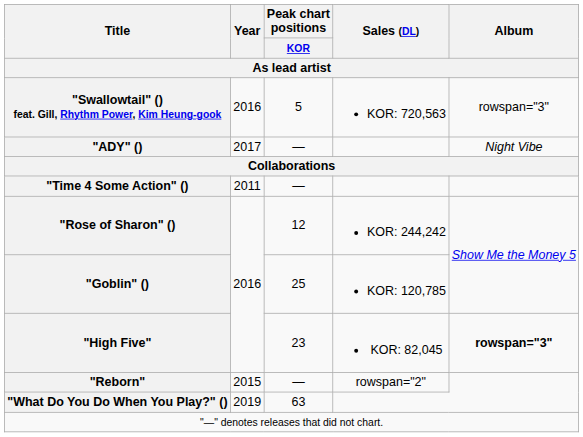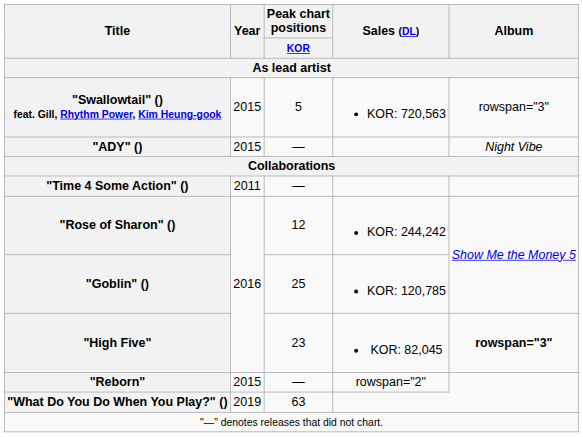 <table class="wikitable plainrowheaders" style="text-align:center;">
 <tr>
 <th scope="col" rowspan="2">Title</th>
 <th scope="col" rowspan="2">Year</th>
 <th scope="col" colspan="1">Peak chart <br> positions</th>
 <th scope="col" rowspan="2">Sales <small>(<a href='#'>DL</a>)</small></th>
 <th scope="col" rowspan="2">Album</th>
 </tr>
 <tr>
 <th><small><a href='#'>KOR</a></small><br></th>
 </tr>
 <tr>
 <th scope="col" colspan="5">As lead artist</th>
 </tr>
 <tr>
 <th scope="row">"Swallowtail" () <br><small>feat. Gill, <a href='#'>Rhythm Power</a>, <a href='#'>Kim Heung-gook</a></small></th>
-<td>2016</td>
+<td>2015</td>
 <td>5</td>
 <td><br><ul><li>KOR: 720,563</li></ul></td>
 <td>rowspan="3" </td>
 </tr>
 <tr>
 <th scope="row">"ADY" ()<br></th>
-<td>2017</td>
+<td>2015</td>
 <td>—</td>
 <td></td>
 <td><em>Night Vibe</em></td>
 </tr>
 <tr>
 <th scope="col" colspan="5">Collaborations</th>
 </tr>
 <tr>
 <th scope="row">"Time 4 Some Action" ()<br></th>
 <td>2011</td>
 <td>—</td>
 <td></td>
 <td></td>
 </tr>
 <tr>
 <th scope="row">"Rose of Sharon" ()<br></th>
 <td rowspan="3">2016</td>
 <td>12</td>
 <td><br><ul><li>KOR: 244,242</li></ul></td>
 <td rowspan="2"><em><a href='#'>Show Me the Money 5</a></em></td>
 </tr>
 <tr>
 <th scope="row">"Goblin" ()<br></th>
 <td>25</td>
 <td><br><ul><li>KOR: 120,785</li></ul></td>
 </tr>
 <tr>
 <th scope="row">"High Five"<br></th>
 <td>23</td>
 <td><br><ul><li>KOR: 82,045</li></ul></td>
 <td><strong>rowspan="3" </strong></td>
 </tr>
 <tr>
 <th scope="row">"Reborn"<br></th>
 <td>2015</td>
 <td>—</td>
 <td>rowspan="2" </td>
 </tr>
 <tr>
 <th scope="row">"What Do You Do When You Play?" ()<br></th>
 <td>2019</td>
 <td>63</td>
 </tr>
 <tr>
 <td colspan="5" align="center"><small>"—" denotes releases that did not chart.</small></td>
 </tr>
 </table>
